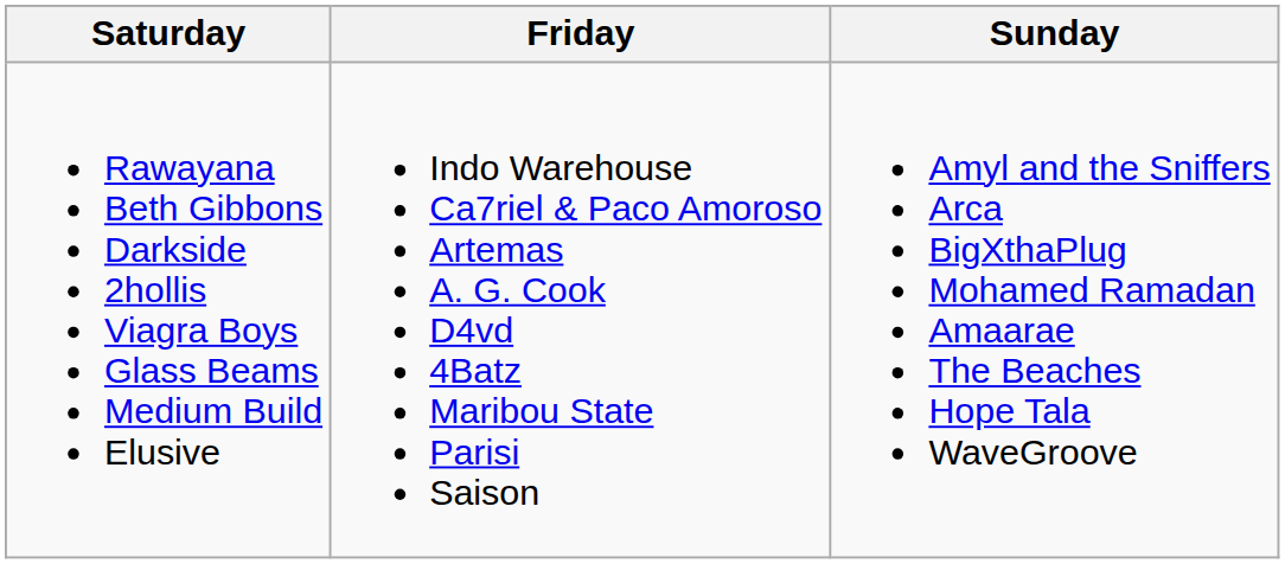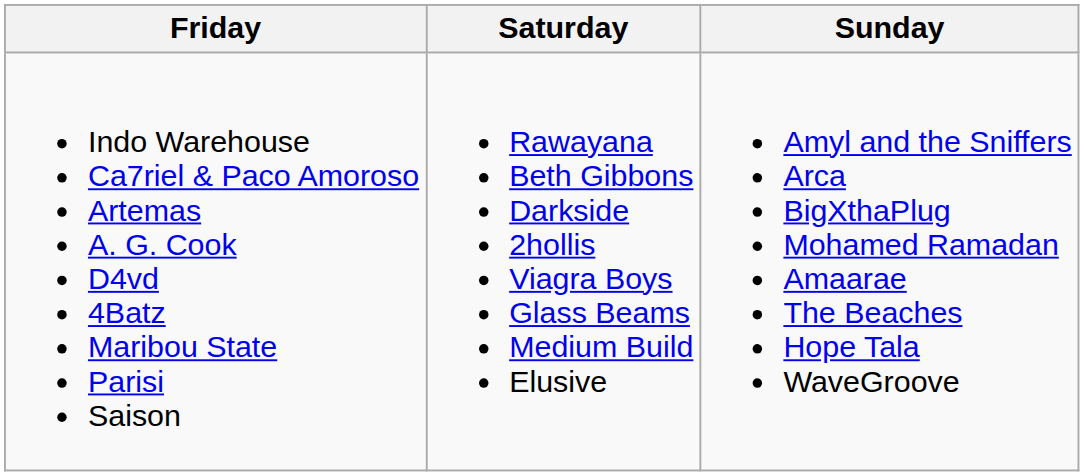 <table class="wikitable">
 <tr>
+<th>Friday</th>
 <th>Saturday</th>
-<th>Friday</th>
 <th>Sunday</th>
 </tr>
 <tr valign="top">
+<td><br><ul><li>Indo Warehouse</li><li><a href='#'>Ca7riel & Paco Amoroso</a></li><li><a href='#'>Artemas</a></li><li><a href='#'>A. G. Cook</a></li><li><a href='#'>D4vd</a></li><li><a href='#'>4Batz</a></li><li><a href='#'>Maribou State</a></li><li><a href='#'>Parisi</a></li><li>Saison</li></ul></td>
 <td><br><ul><li><a href='#'>Rawayana</a></li><li><a href='#'>Beth Gibbons</a></li><li><a href='#'>Darkside</a></li><li><a href='#'>2hollis</a></li><li><a href='#'>Viagra Boys</a></li><li><a href='#'>Glass Beams</a></li><li><a href='#'>Medium Build</a></li><li>Elusive</li></ul></td>
-<td><br><ul><li>Indo Warehouse</li><li><a href='#'>Ca7riel & Paco Amoroso</a></li><li><a href='#'>Artemas</a></li><li><a href='#'>A. G. Cook</a></li><li><a href='#'>D4vd</a></li><li><a href='#'>4Batz</a></li><li><a href='#'>Maribou State</a></li><li><a href='#'>Parisi</a></li><li>Saison</li></ul></td>
 <td><br><ul><li><a href='#'>Amyl and the Sniffers</a></li><li><a href='#'>Arca</a></li><li><a href='#'>BigXthaPlug</a></li><li><a href='#'>Mohamed Ramadan</a></li><li><a href='#'>Amaarae</a></li><li><a href='#'>The Beaches</a></li><li><a href='#'>Hope Tala</a></li><li>WaveGroove</li></ul></td>
 </tr>
 </table>
